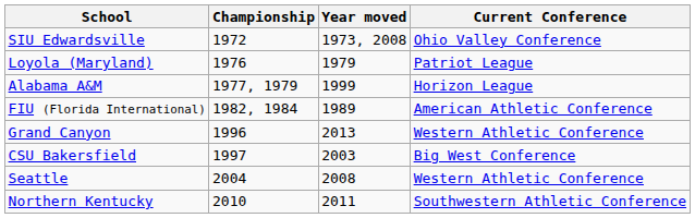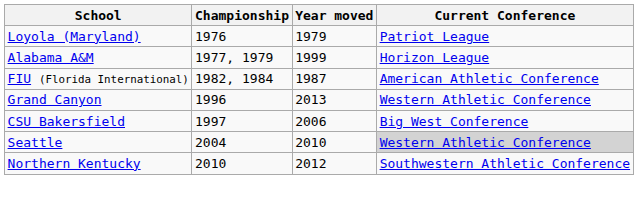 <table class="wikitable">
 <tr>
 <th>School</th>
 <th>Championship</th>
 <th>Year moved</th>
 <th>Current Conference</th>
-</tr>
-<tr>
-<td><a href='#'>SIU Edwardsville</a></td>
-<td>1972</td>
-<td>1973, 2008</td>
-<td><a href='#'>Ohio Valley Conference</a></td>
 </tr>
 <tr>
 <td><a href='#'>Loyola (Maryland)</a></td>
 <td>1976</td>
 <td>1979</td>
 <td><a href='#'>Patriot League</a></td>
 </tr>
 <tr>
 <td><a href='#'>Alabama A&M</a></td>
 <td>1977, 1979</td>
 <td>1999</td>
 <td><a href='#'>Horizon League</a></td>
 </tr>
 <tr>
 <td><a href='#'>FIU</a> <small>(Florida International)</small></td>
 <td>1982, 1984</td>
-<td>1989</td>
+<td>1987</td>
 <td><a href='#'>American Athletic Conference</a></td>
 </tr>
 <tr>
 <td><a href='#'>Grand Canyon</a></td>
 <td>1996</td>
 <td>2013</td>
 <td><a href='#'>Western Athletic Conference</a></td>
 </tr>
 <tr>
 <td><a href='#'>CSU Bakersfield</a></td>
 <td>1997</td>
-<td>2003</td>
+<td>2006</td>
 <td><a href='#'>Big West Conference</a></td>
 </tr>
 <tr>
 <td><a href='#'>Seattle</a></td>
 <td>2004</td>
-<td>2008</td>
-<td><a href='#'>Western Athletic Conference</a><br></td>
+<td>2010</td>
+<td style="background: lightgrey;"><a href='#'>Western Athletic Conference</a><br></td>
 </tr>
 <tr>
 <td><a href='#'>Northern Kentucky</a></td>
 <td>2010</td>
-<td>2011</td>
+<td>2012</td>
 <td><a href='#'>Southwestern Athletic Conference</a></td>
 </tr>
 </table>
